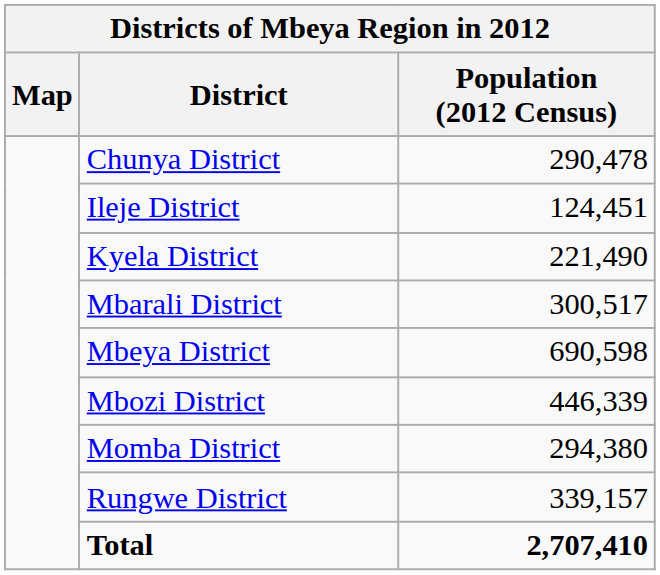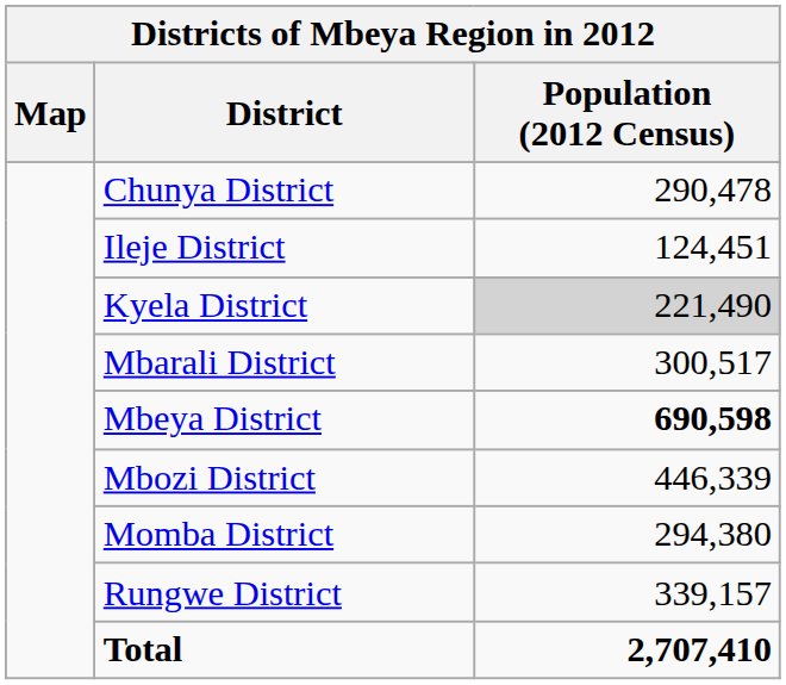 <table class="wikitable">
 <tr>
 <th colspan="8">Districts of Mbeya Region in 2012</th>
 </tr>
 <tr style="text-align:center;">
 <th>Map</th>
 <th style="width: 10em">District</th>
 <th style="width: 8em">Population<br>(2012 Census)</th>
 </tr>
 <tr>
 <td rowspan=9></td>
 <td><a href='#'>Chunya District</a></td>
 <td style="text-align:right;">290,478</td>
 </tr>
 <tr>
 <td><a href='#'>Ileje District</a></td>
 <td style="text-align:right;">124,451</td>
 </tr>
 <tr>
 <td><a href='#'>Kyela District</a></td>
-<td style="text-align:right;">221,490</td>
+<td style="background: lightgrey; text-align:right;">221,490</td>
 </tr>
 <tr>
 <td><a href='#'>Mbarali District</a></td>
 <td style="text-align:right;">300,517</td>
 </tr>
 <tr>
 <td><a href='#'>Mbeya District</a></td>
-<td style="text-align:right;">690,598</td>
+<td style="text-align:right;"><strong>690,598</strong></td>
 </tr>
 <tr>
 <td><a href='#'>Mbozi District</a></td>
 <td style="text-align:right;">446,339</td>
 </tr>
 <tr>
 <td><a href='#'>Momba District</a></td>
 <td style="text-align:right;">294,380</td>
 </tr>
 <tr>
 <td><a href='#'>Rungwe District</a></td>
 <td style="text-align:right;">339,157</td>
 </tr>
 <tr>
 <td><strong>Total</strong></td>
 <td style="text-align:right;"><strong>2,707,410</strong></td>
 </tr>
 </table>
